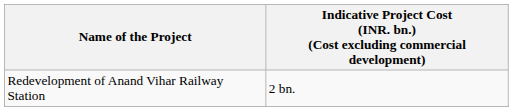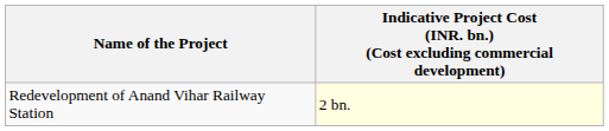 <table class="wikitable">
 <tr>
 <th>Name of the Project</th>
 <th>Indicative Project Cost<br>(INR. bn.)<br>(Cost excluding commercial development)</th>
 </tr>
 <tr>
 <td>Redevelopment of Anand Vihar Railway Station</td>
-<td>2 bn.</td>
+<td style="background: lightyellow;">2 bn.</td>
 </tr>
 </table>
